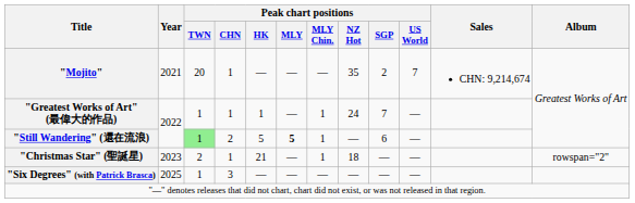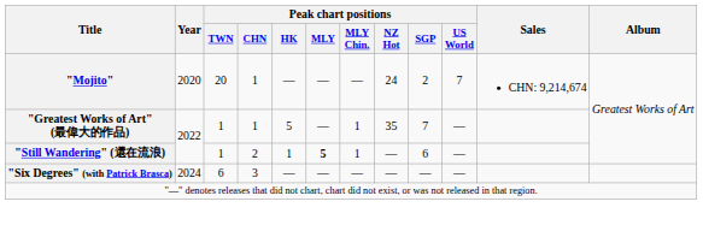 <table class="wikitable plainrowheaders" style="text-align:center;">
 <tr>
 <th rowspan="2" scope="col">Title</th>
 <th rowspan="2" scope="col">Year</th>
 <th colspan="8" scope="col">Peak chart positions</th>
 <th rowspan="2" scope="col">Sales</th>
 <th rowspan="2" scope="col">Album</th>
 </tr>
 <tr>
 <th scope="col" style="width:2.75em;font-size:90%;"><a href='#'>TWN</a><br></th>
 <th scope="col" style="width:2.75em;font-size:90%;"><a href='#'>CHN</a> <br></th>
 <th scope="col" style="width:2.75em;font-size:90%;"><a href='#'>HK</a><br></th>
 <th scope="col" style="width:2.75em;font-size:90%;"><a href='#'>MLY</a><br></th>
 <th scope="col" style="width:2.75em;font-size:90%;"><a href='#'>MLY<br>Chin.</a><br></th>
 <th scope="col" style="width:2.75em;font-size:90%;"><a href='#'>NZ<br>Hot</a><br></th>
 <th scope="col" style="width:2.75em;font-size:90%;"><a href='#'>SGP</a><br></th>
 <th scope="col" style="width:2.75em;font-size:90%;"><a href='#'>US<br>World</a><br></th>
 </tr>
 <tr>
 <th scope="row">"<a href='#'>Mojito</a>"</th>
-<td>2021</td>
+<td>2020</td>
 <td>20</td>
 <td>1</td>
 <td>—</td>
 <td>—</td>
 <td>—</td>
-<td>35</td>
+<td>24</td>
 <td>2</td>
 <td>7</td>
 <td><br><ul><li>CHN: 9,214,674</li></ul></td>
 <td rowspan="3"><em>Greatest Works of Art</em></td>
 </tr>
 <tr>
 <th scope="row">"Greatest Works of Art"<br>(最偉大的作品)</th>
 <td rowspan="2">2022</td>
 <td>1</td>
 <td>1</td>
-<td>1</td>
+<td>5</td>
 <td>—</td>
 <td>1</td>
-<td>24</td>
+<td>35</td>
 <td>7</td>
 <td>—</td>
 <td></td>
 </tr>
 <tr>
 <th scope="row">"<a href='#'>Still Wandering</a>" (還在流浪)</th>
-<td style="background: lightgreen;">1</td>
+<td>1</td>
 <td>2</td>
-<td>5</td>
+<td>1</td>
 <td><strong>5</strong></td>
 <td>1</td>
 <td>—</td>
 <td>6</td>
 <td>—</td>
 <td></td>
 </tr>
 <tr>
-<th scope="row">"Christmas Star" (聖誕星)<br></th>
-<td>2023</td>
-<td>2</td>
-<td>1</td>
-<td>21</td>
-<td>—</td>
-<td>1</td>
-<td>18</td>
-<td>—</td>
-<td>—</td>
-<td></td>
-<td>rowspan="2" </td>
-</tr>
-<tr>
 <th scope="row">"Six Degrees" <small>(with <a href='#'>Patrick Brasca</a>)</small></th>
-<td>2025</td>
-<td>1</td>
+<td>2024</td>
+<td>6</td>
 <td>3</td>
 <td>—</td>
 <td>—</td>
 <td>—</td>
 <td>—</td>
 <td>—</td>
 <td>—</td>
 <td></td>
 </tr>
 <tr>
 <td colspan="12" style="font-size:85%">"—" denotes releases that did not chart, chart did not exist, or was not released in that region.</td>
 </tr>
 </table>
